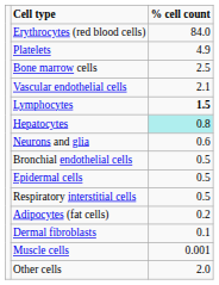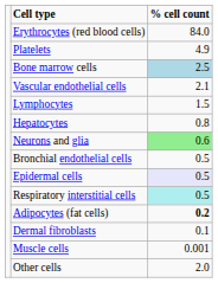 <table class="wikitable float right" style="font-size: 86%;">
 <tr>
 <td rowspan="15"></td>
 <td><strong>Cell type</strong></td>
 <td><strong>% cell count</strong></td>
 </tr>
 <tr>
 <td><a href='#'>Erythrocytes</a> (red blood cells)</td>
 <td style="text-align:right;">84.0</td>
 </tr>
 <tr>
 <td><a href='#'>Platelets</a></td>
 <td style="text-align:right;">4.9</td>
 </tr>
 <tr>
 <td><a href='#'>Bone marrow</a> cells</td>
-<td style="text-align:right;">2.5</td>
+<td style="background: lightblue; text-align:right;">2.5</td>
 </tr>
 <tr>
 <td><a href='#'>Vascular endothelial cells</a></td>
 <td style="text-align:right;">2.1</td>
 </tr>
 <tr>
 <td><a href='#'>Lymphocytes</a></td>
-<td style="text-align:right;"><strong>1.5</strong></td>
+<td style="text-align:right;">1.5</td>
 </tr>
 <tr>
 <td><a href='#'>Hepatocytes</a></td>
-<td style="background: paleturquoise; text-align:right;">0.8</td>
+<td style="text-align:right;">0.8</td>
 </tr>
 <tr>
 <td><a href='#'>Neurons</a> and <a href='#'>glia</a></td>
-<td style="text-align:right;">0.6</td>
+<td style="background: lightgreen; text-align:right;">0.6</td>
 </tr>
 <tr>
 <td>Bronchial <a href='#'>endothelial cells</a></td>
 <td style="text-align:right;">0.5</td>
 </tr>
 <tr>
 <td><a href='#'>Epidermal cells</a></td>
-<td style="text-align:right;">0.5</td>
+<td style="background: lavender; text-align:right;">0.5</td>
 </tr>
 <tr>
 <td>Respiratory <a href='#'>interstitial cells</a></td>
-<td style="text-align:right;">0.5</td>
+<td style="background: paleturquoise; text-align:right;">0.5</td>
 </tr>
 <tr>
 <td><a href='#'>Adipocytes</a> (fat cells)</td>
-<td style="text-align:right;">0.2</td>
+<td style="text-align:right;"><strong>0.2</strong></td>
 </tr>
 <tr>
 <td><a href='#'>Dermal fibroblasts</a></td>
 <td style="text-align:right;">0.1</td>
 </tr>
 <tr>
 <td><a href='#'>Muscle cells</a></td>
 <td style="text-align:right;">0.001</td>
 </tr>
 <tr>
 <td>Other cells</td>
 <td style="text-align:right;">2.0</td>
 </tr>
 </table>
